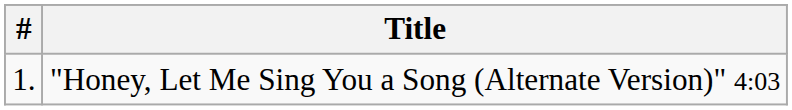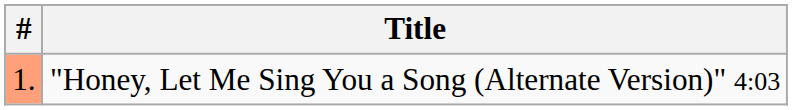 <table class="wikitable">
 <tr>
 <th>#</th>
 <th>Title</th>
 </tr>
 <tr>
-<td>1.</td>
+<td style="background: lightsalmon;">1.</td>
 <td>"Honey, Let Me Sing You a Song (Alternate Version)" <small>4:03</small></td>
 </tr>
 </table>
